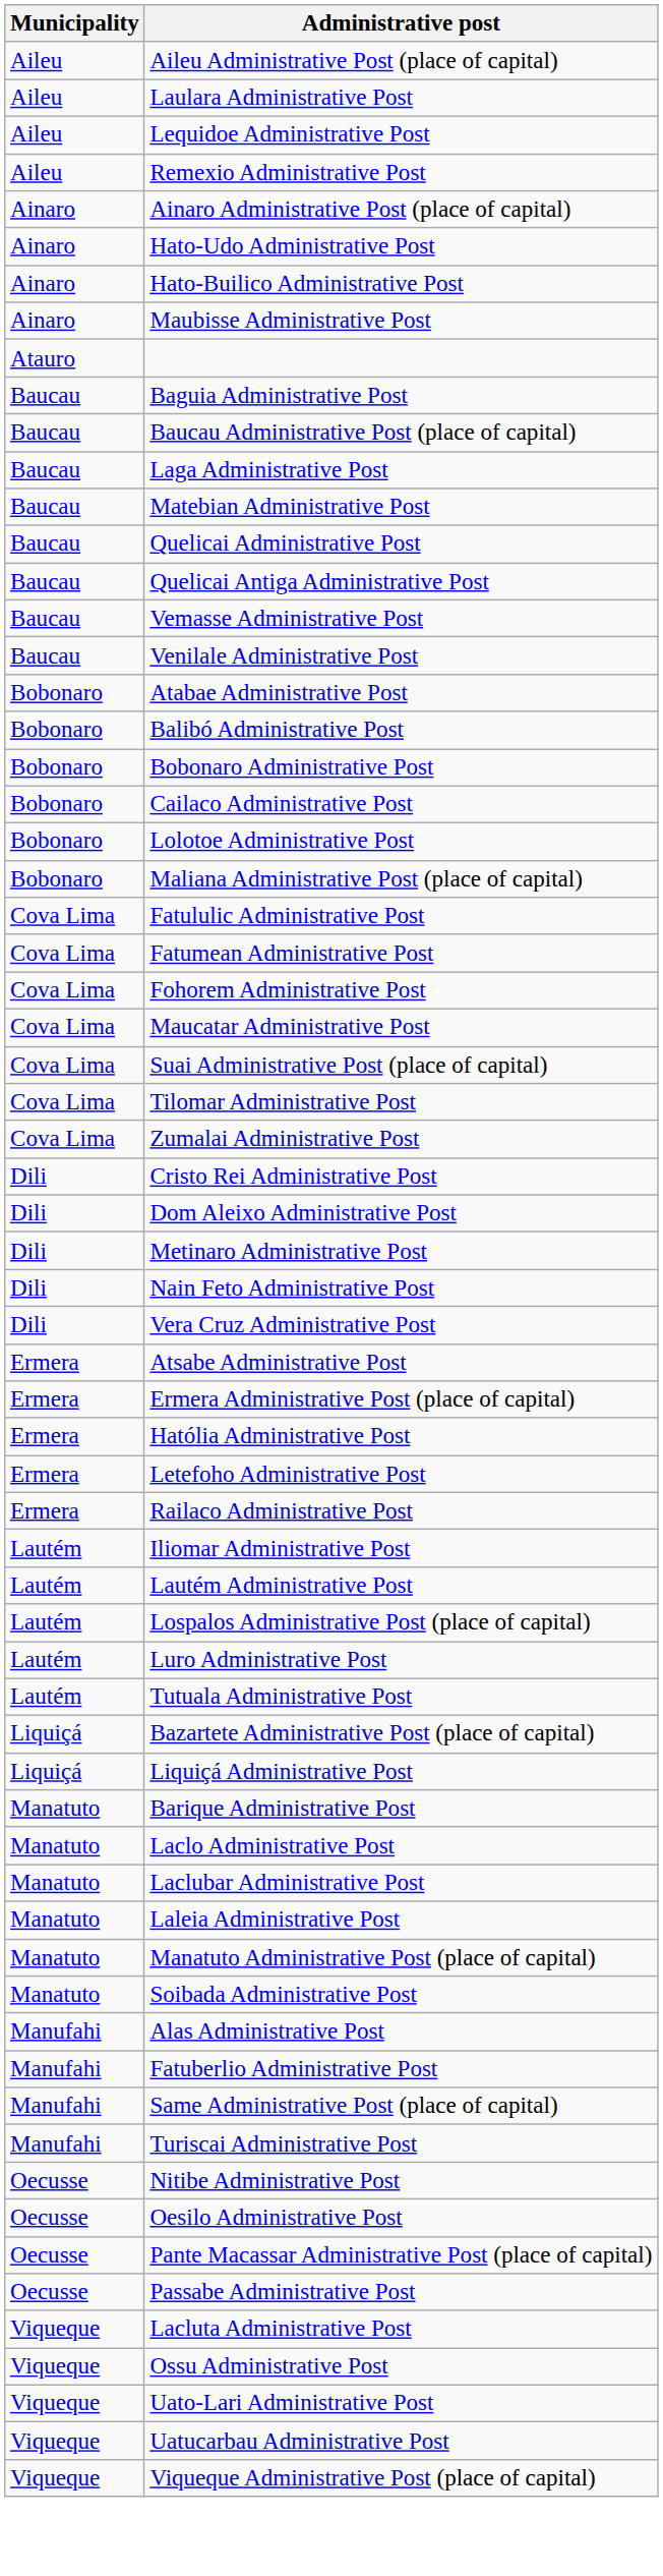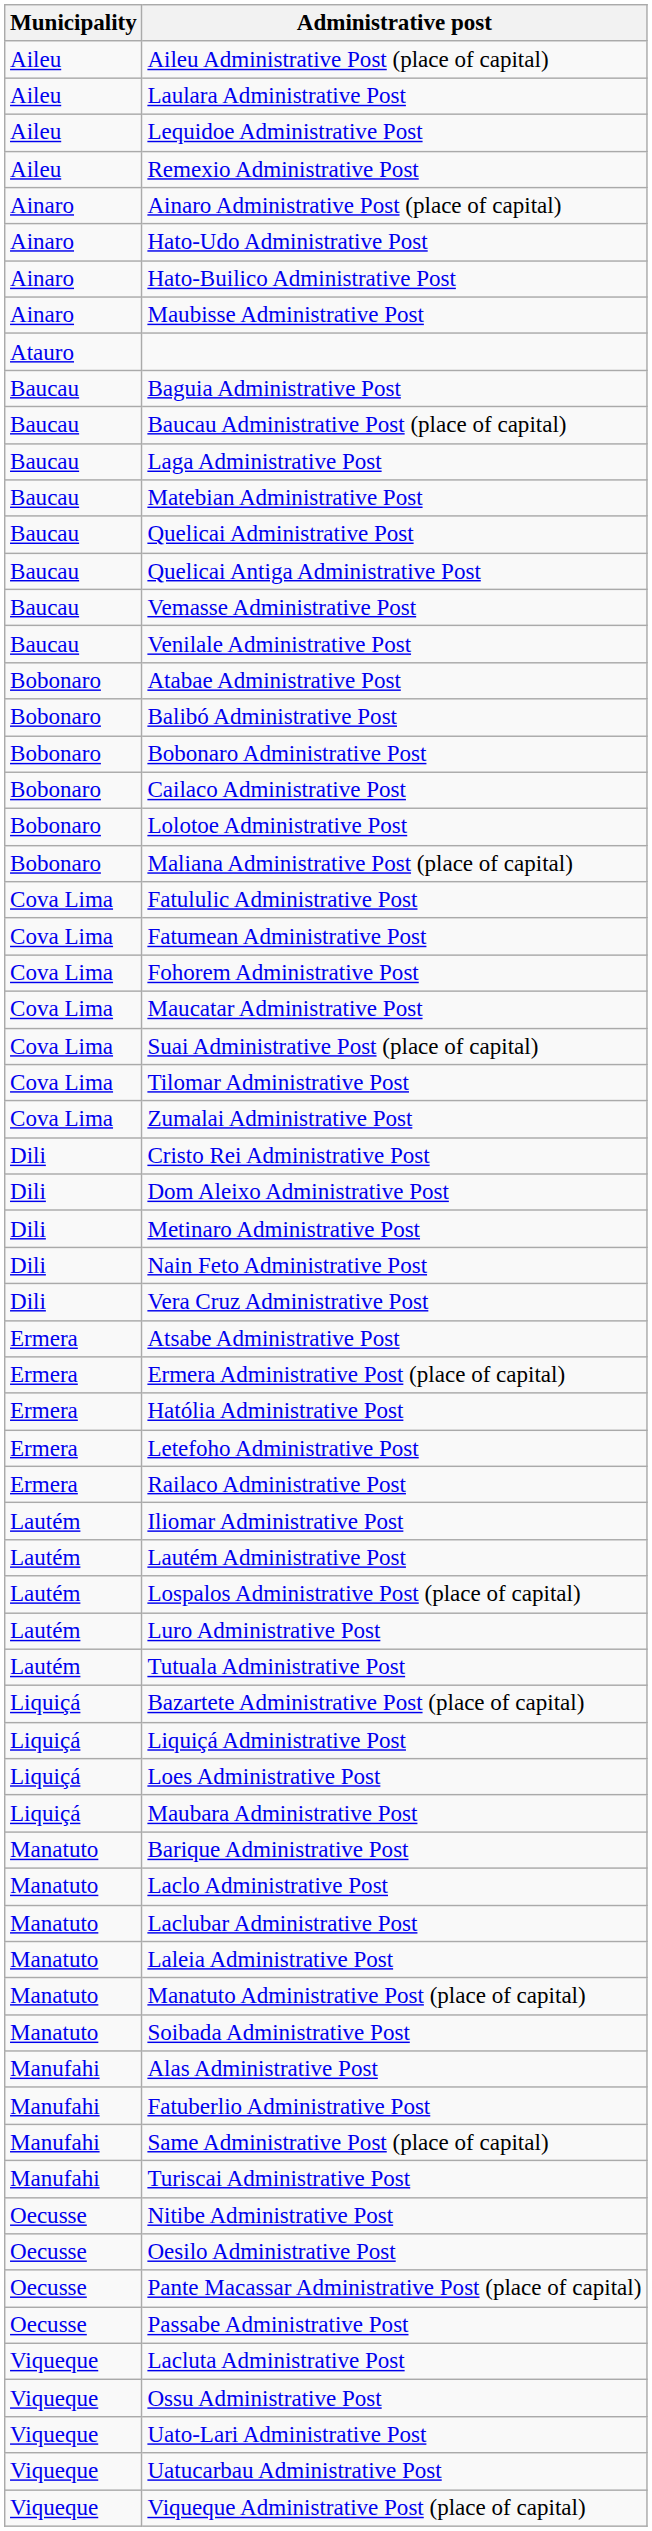 <table class="wikitable sortable">
 <tr>
 <th>Municipality</th>
 <th>Administrative post</th>
 </tr>
 <tr>
 <td><a href='#'>Aileu</a></td>
 <td><a href='#'>Aileu Administrative Post</a> (place of capital)</td>
 </tr>
 <tr>
 <td><a href='#'>Aileu</a></td>
 <td><a href='#'>Laulara Administrative Post</a></td>
 </tr>
 <tr>
 <td><a href='#'>Aileu</a></td>
 <td><a href='#'>Lequidoe Administrative Post</a></td>
 </tr>
 <tr>
 <td><a href='#'>Aileu</a></td>
 <td><a href='#'>Remexio Administrative Post</a></td>
 </tr>
 <tr>
 <td><a href='#'>Ainaro</a></td>
 <td><a href='#'>Ainaro Administrative Post</a> (place of capital)</td>
 </tr>
 <tr>
 <td><a href='#'>Ainaro</a></td>
 <td><a href='#'>Hato-Udo Administrative Post</a></td>
 </tr>
 <tr>
 <td><a href='#'>Ainaro</a></td>
 <td><a href='#'>Hato-Builico Administrative Post</a></td>
 </tr>
 <tr>
 <td><a href='#'>Ainaro</a></td>
 <td><a href='#'>Maubisse Administrative Post</a></td>
 </tr>
 <tr>
 <td><a href='#'>Atauro</a></td>
 <td></td>
 </tr>
 <tr>
 <td><a href='#'>Baucau</a></td>
 <td><a href='#'>Baguia Administrative Post</a></td>
 </tr>
 <tr>
 <td><a href='#'>Baucau</a></td>
 <td><a href='#'>Baucau Administrative Post</a> (place of capital)</td>
 </tr>
 <tr>
 <td><a href='#'>Baucau</a></td>
 <td><a href='#'>Laga Administrative Post</a></td>
 </tr>
 <tr>
 <td><a href='#'>Baucau</a></td>
 <td><a href='#'>Matebian Administrative Post</a></td>
 </tr>
 <tr>
 <td><a href='#'>Baucau</a></td>
 <td><a href='#'>Quelicai Administrative Post</a></td>
 </tr>
 <tr>
 <td><a href='#'>Baucau</a></td>
 <td><a href='#'>Quelicai Antiga Administrative Post</a></td>
 </tr>
 <tr>
 <td><a href='#'>Baucau</a></td>
 <td><a href='#'>Vemasse Administrative Post</a></td>
 </tr>
 <tr>
 <td><a href='#'>Baucau</a></td>
 <td><a href='#'>Venilale Administrative Post</a></td>
 </tr>
 <tr>
 <td><a href='#'>Bobonaro</a></td>
 <td><a href='#'>Atabae Administrative Post</a></td>
 </tr>
 <tr>
 <td><a href='#'>Bobonaro</a></td>
 <td><a href='#'>Balibó Administrative Post</a></td>
 </tr>
 <tr>
 <td><a href='#'>Bobonaro</a></td>
 <td><a href='#'>Bobonaro Administrative Post</a></td>
 </tr>
 <tr>
 <td><a href='#'>Bobonaro</a></td>
 <td><a href='#'>Cailaco Administrative Post</a></td>
 </tr>
 <tr>
 <td><a href='#'>Bobonaro</a></td>
 <td><a href='#'>Lolotoe Administrative Post</a></td>
 </tr>
 <tr>
 <td><a href='#'>Bobonaro</a></td>
 <td><a href='#'>Maliana Administrative Post</a> (place of capital)</td>
 </tr>
 <tr>
 <td><a href='#'>Cova Lima</a></td>
 <td><a href='#'>Fatululic Administrative Post</a></td>
 </tr>
 <tr>
 <td><a href='#'>Cova Lima</a></td>
 <td><a href='#'>Fatumean Administrative Post</a></td>
 </tr>
 <tr>
 <td><a href='#'>Cova Lima</a></td>
 <td><a href='#'>Fohorem Administrative Post</a></td>
 </tr>
 <tr>
 <td><a href='#'>Cova Lima</a></td>
 <td><a href='#'>Maucatar Administrative Post</a></td>
 </tr>
 <tr>
 <td><a href='#'>Cova Lima</a></td>
 <td><a href='#'>Suai Administrative Post</a> (place of capital)</td>
 </tr>
 <tr>
 <td><a href='#'>Cova Lima</a></td>
 <td><a href='#'>Tilomar Administrative Post</a></td>
 </tr>
 <tr>
 <td><a href='#'>Cova Lima</a></td>
 <td><a href='#'>Zumalai Administrative Post</a></td>
 </tr>
 <tr>
 <td><a href='#'>Dili</a></td>
 <td><a href='#'>Cristo Rei Administrative Post</a></td>
 </tr>
 <tr>
 <td><a href='#'>Dili</a></td>
 <td><a href='#'>Dom Aleixo Administrative Post</a></td>
 </tr>
 <tr>
 <td><a href='#'>Dili</a></td>
 <td><a href='#'>Metinaro Administrative Post</a></td>
 </tr>
 <tr>
 <td><a href='#'>Dili</a></td>
 <td><a href='#'>Nain Feto Administrative Post</a></td>
 </tr>
 <tr>
 <td><a href='#'>Dili</a></td>
 <td><a href='#'>Vera Cruz Administrative Post</a></td>
 </tr>
 <tr>
 <td><a href='#'>Ermera</a></td>
 <td><a href='#'>Atsabe Administrative Post</a></td>
 </tr>
 <tr>
 <td><a href='#'>Ermera</a></td>
 <td><a href='#'>Ermera Administrative Post</a> (place of capital)</td>
 </tr>
 <tr>
 <td><a href='#'>Ermera</a></td>
 <td><a href='#'>Hatólia Administrative Post</a></td>
 </tr>
 <tr>
 <td><a href='#'>Ermera</a></td>
 <td><a href='#'>Letefoho Administrative Post</a></td>
 </tr>
 <tr>
 <td><a href='#'>Ermera</a></td>
 <td><a href='#'>Railaco Administrative Post</a></td>
 </tr>
 <tr>
 <td><a href='#'>Lautém</a></td>
 <td><a href='#'>Iliomar Administrative Post</a></td>
 </tr>
 <tr>
 <td><a href='#'>Lautém</a></td>
 <td><a href='#'>Lautém Administrative Post</a></td>
 </tr>
 <tr>
 <td><a href='#'>Lautém</a></td>
 <td><a href='#'>Lospalos Administrative Post</a> (place of capital)</td>
 </tr>
 <tr>
 <td><a href='#'>Lautém</a></td>
 <td><a href='#'>Luro Administrative Post</a></td>
 </tr>
 <tr>
 <td><a href='#'>Lautém</a></td>
 <td><a href='#'>Tutuala Administrative Post</a></td>
 </tr>
 <tr>
 <td><a href='#'>Liquiçá</a></td>
 <td><a href='#'>Bazartete Administrative Post</a> (place of capital)</td>
 </tr>
 <tr>
 <td><a href='#'>Liquiçá</a></td>
 <td><a href='#'>Liquiçá Administrative Post</a></td>
 </tr>
 <tr>
+<td><a href='#'>Liquiçá</a></td>
+<td><a href='#'>Loes Administrative Post</a></td>
+</tr>
+<tr>
+<td><a href='#'>Liquiçá</a></td>
+<td><a href='#'>Maubara Administrative Post</a></td>
+</tr>
+<tr>
 <td><a href='#'>Manatuto</a></td>
 <td><a href='#'>Barique Administrative Post</a></td>
 </tr>
 <tr>
 <td><a href='#'>Manatuto</a></td>
 <td><a href='#'>Laclo Administrative Post</a></td>
 </tr>
 <tr>
 <td><a href='#'>Manatuto</a></td>
 <td><a href='#'>Laclubar Administrative Post</a></td>
 </tr>
 <tr>
 <td><a href='#'>Manatuto</a></td>
 <td><a href='#'>Laleia Administrative Post</a></td>
 </tr>
 <tr>
 <td><a href='#'>Manatuto</a></td>
 <td><a href='#'>Manatuto Administrative Post</a> (place of capital)</td>
 </tr>
 <tr>
 <td><a href='#'>Manatuto</a></td>
 <td><a href='#'>Soibada Administrative Post</a></td>
 </tr>
 <tr>
 <td><a href='#'>Manufahi</a></td>
 <td><a href='#'>Alas Administrative Post</a></td>
 </tr>
 <tr>
 <td><a href='#'>Manufahi</a></td>
 <td><a href='#'>Fatuberlio Administrative Post</a></td>
 </tr>
 <tr>
 <td><a href='#'>Manufahi</a></td>
 <td><a href='#'>Same Administrative Post</a> (place of capital)</td>
 </tr>
 <tr>
 <td><a href='#'>Manufahi</a></td>
 <td><a href='#'>Turiscai Administrative Post</a></td>
 </tr>
 <tr>
 <td><a href='#'>Oecusse</a></td>
 <td><a href='#'>Nitibe Administrative Post</a></td>
 </tr>
 <tr>
 <td><a href='#'>Oecusse</a></td>
 <td><a href='#'>Oesilo Administrative Post</a></td>
 </tr>
 <tr>
 <td><a href='#'>Oecusse</a></td>
 <td><a href='#'>Pante Macassar Administrative Post</a> (place of capital)</td>
 </tr>
 <tr>
 <td><a href='#'>Oecusse</a></td>
 <td><a href='#'>Passabe Administrative Post</a></td>
 </tr>
 <tr>
 <td><a href='#'>Viqueque</a></td>
 <td><a href='#'>Lacluta Administrative Post</a></td>
 </tr>
 <tr>
 <td><a href='#'>Viqueque</a></td>
 <td><a href='#'>Ossu Administrative Post</a></td>
 </tr>
 <tr>
 <td><a href='#'>Viqueque</a></td>
 <td><a href='#'>Uato-Lari Administrative Post</a></td>
 </tr>
 <tr>
 <td><a href='#'>Viqueque</a></td>
 <td><a href='#'>Uatucarbau Administrative Post</a></td>
 </tr>
 <tr>
 <td><a href='#'>Viqueque</a></td>
 <td><a href='#'>Viqueque Administrative Post</a> (place of capital)</td>
 </tr>
 </table>
